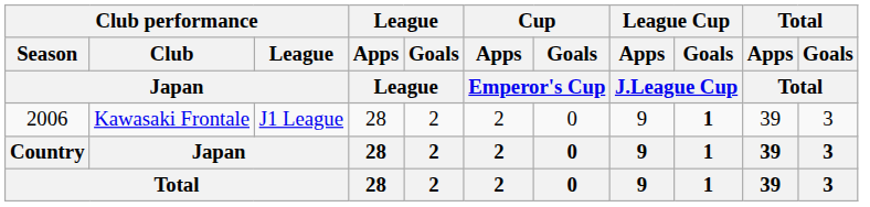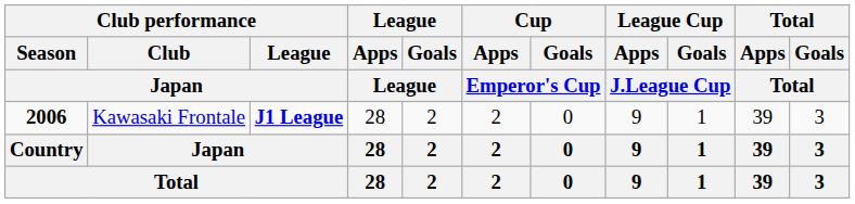 <table class="wikitable" style="text-align:center;">
 <tr>
 <th colspan=3>Club performance</th>
 <th colspan=2>League</th>
 <th colspan=2>Cup</th>
 <th colspan=2>League Cup</th>
 <th colspan=2>Total</th>
 </tr>
 <tr>
 <th>Season</th>
 <th>Club</th>
 <th>League</th>
 <th>Apps</th>
 <th>Goals</th>
 <th>Apps</th>
 <th>Goals</th>
 <th>Apps</th>
 <th>Goals</th>
 <th>Apps</th>
 <th>Goals</th>
 </tr>
 <tr>
 <th colspan=3>Japan</th>
 <th colspan=2>League</th>
 <th colspan=2><a href='#'>Emperor's Cup</a></th>
 <th colspan=2><a href='#'>J.League Cup</a></th>
 <th colspan=2>Total</th>
 </tr>
 <tr>
-<td>2006</td>
+<td><strong>2006</strong></td>
 <td><a href='#'>Kawasaki Frontale</a></td>
-<td><a href='#'>J1 League</a></td>
+<td><strong><a href='#'>J1 League</a></strong></td>
 <td>28</td>
 <td>2</td>
 <td>2</td>
 <td>0</td>
 <td>9</td>
-<td><strong>1</strong></td>
+<td>1</td>
 <td>39</td>
 <td>3</td>
 </tr>
 <tr>
 <th rowspan=1>Country</th>
 <th colspan=2>Japan</th>
 <th>28</th>
 <th>2</th>
 <th>2</th>
 <th>0</th>
 <th>9</th>
 <th>1</th>
 <th>39</th>
 <th>3</th>
 </tr>
 <tr>
 <th colspan=3>Total</th>
 <th>28</th>
 <th>2</th>
 <th>2</th>
 <th>0</th>
 <th>9</th>
 <th>1</th>
 <th>39</th>
 <th>3</th>
 </tr>
 </table>
